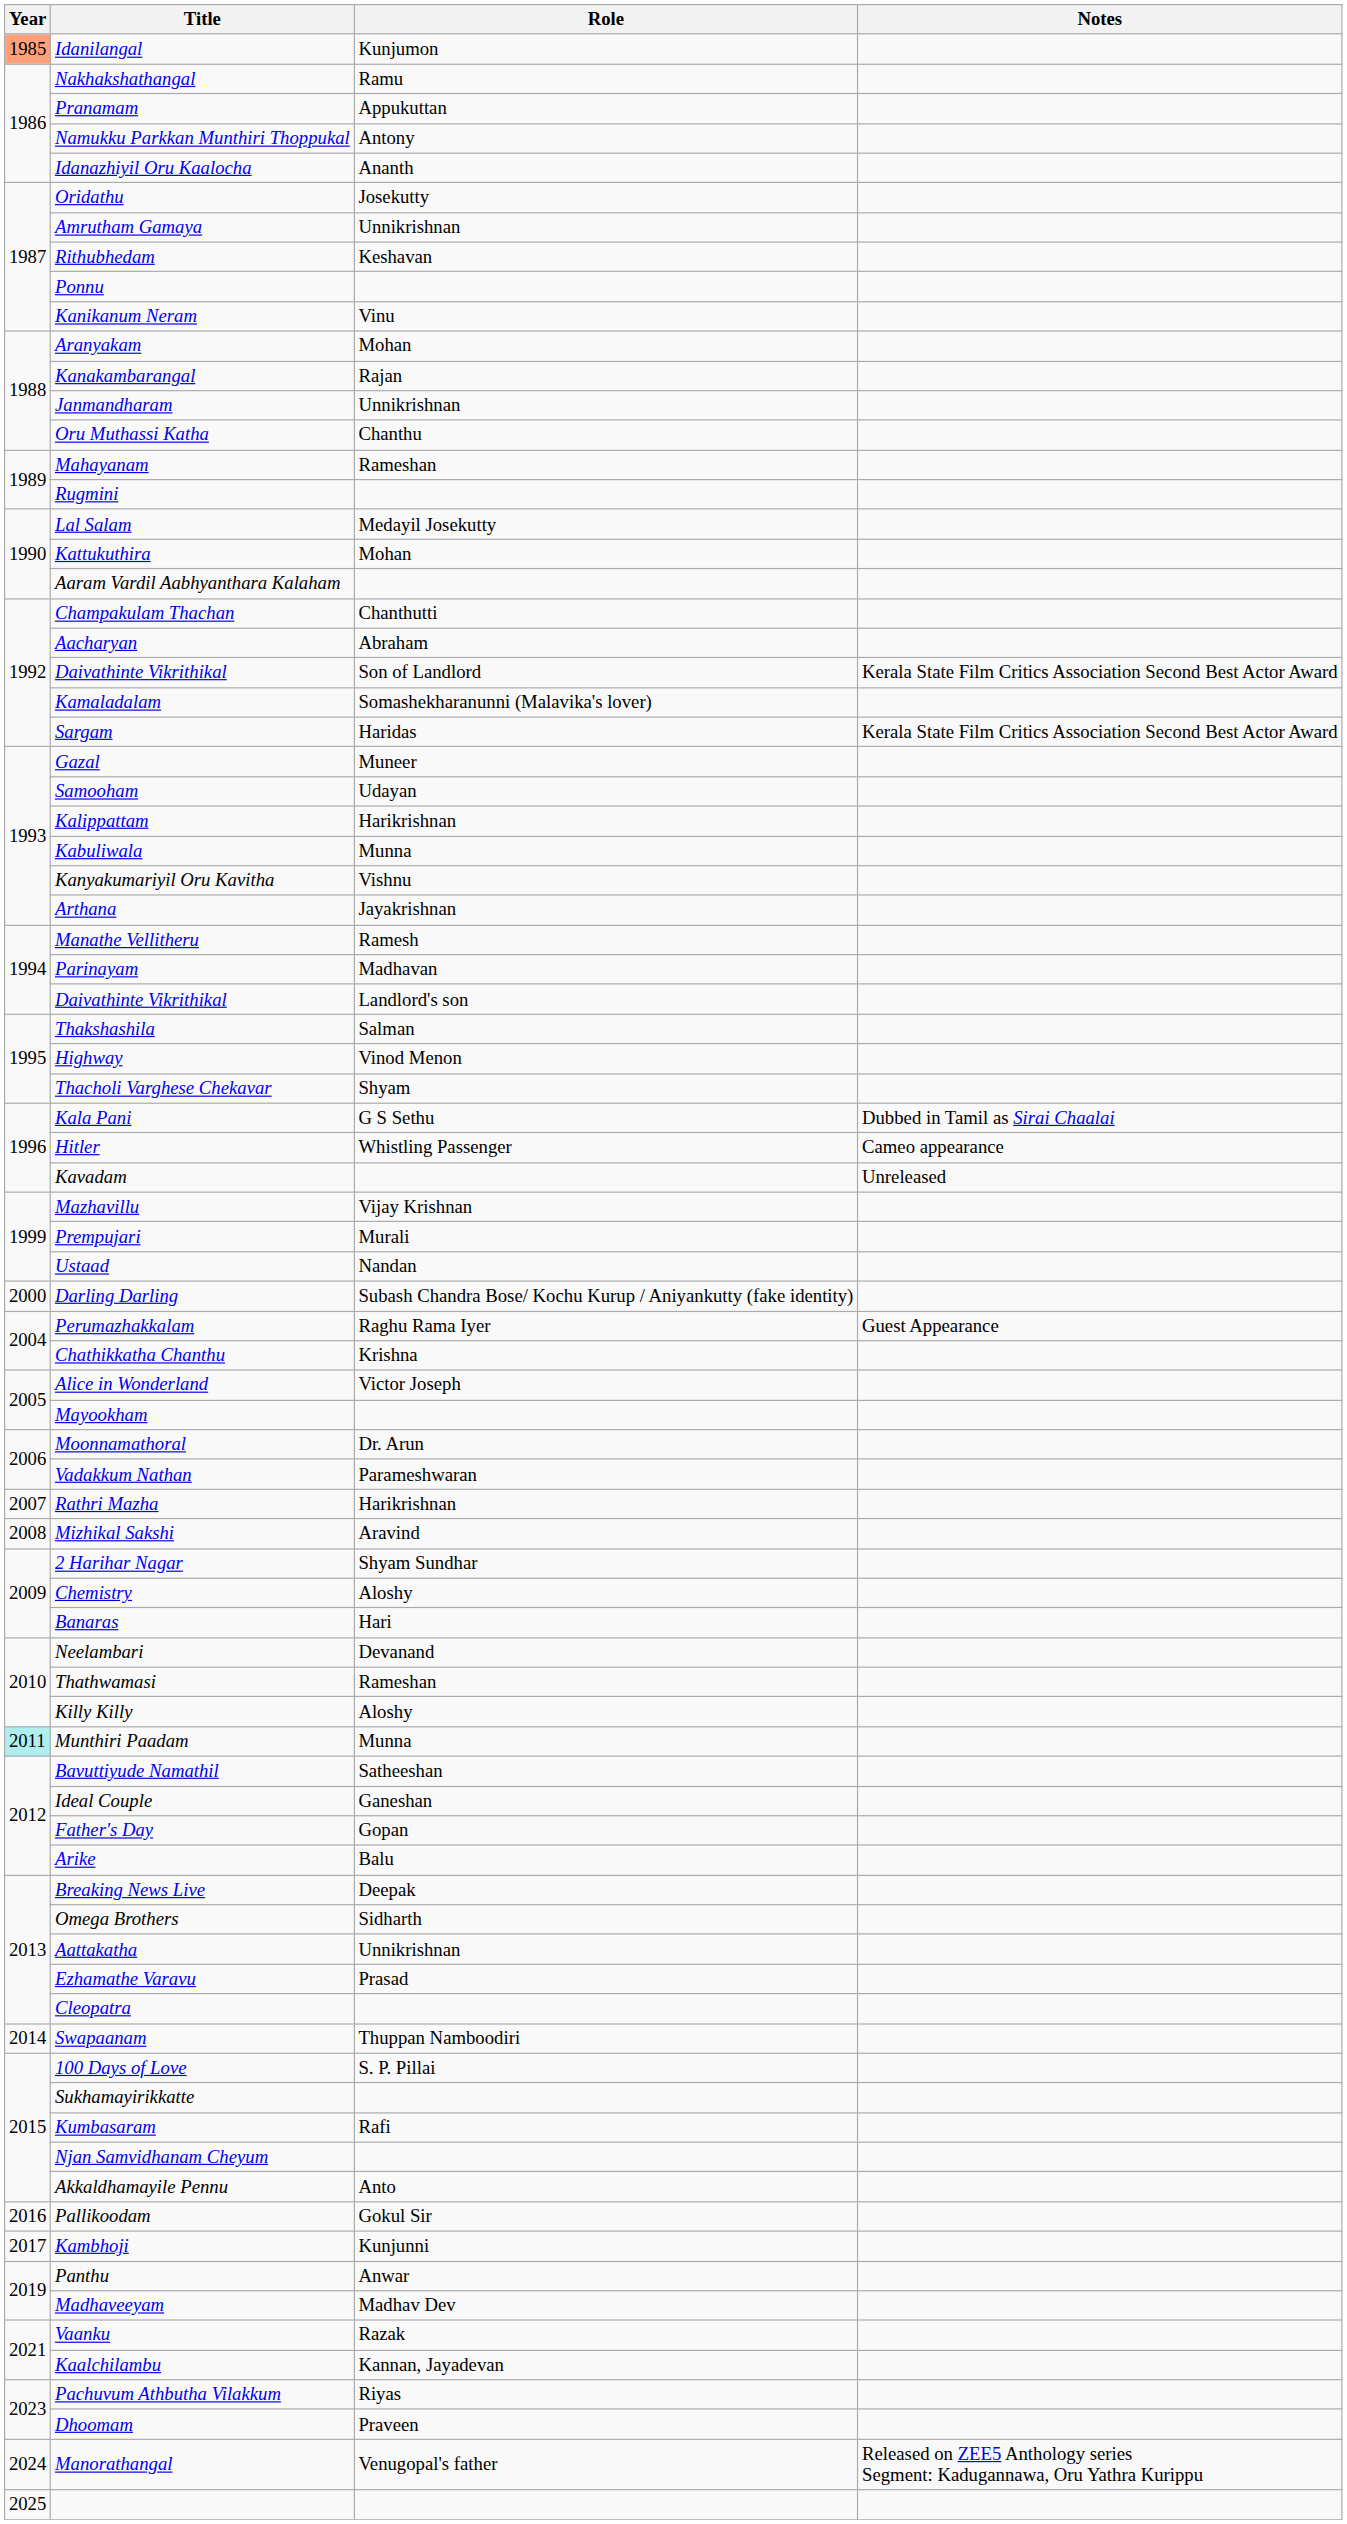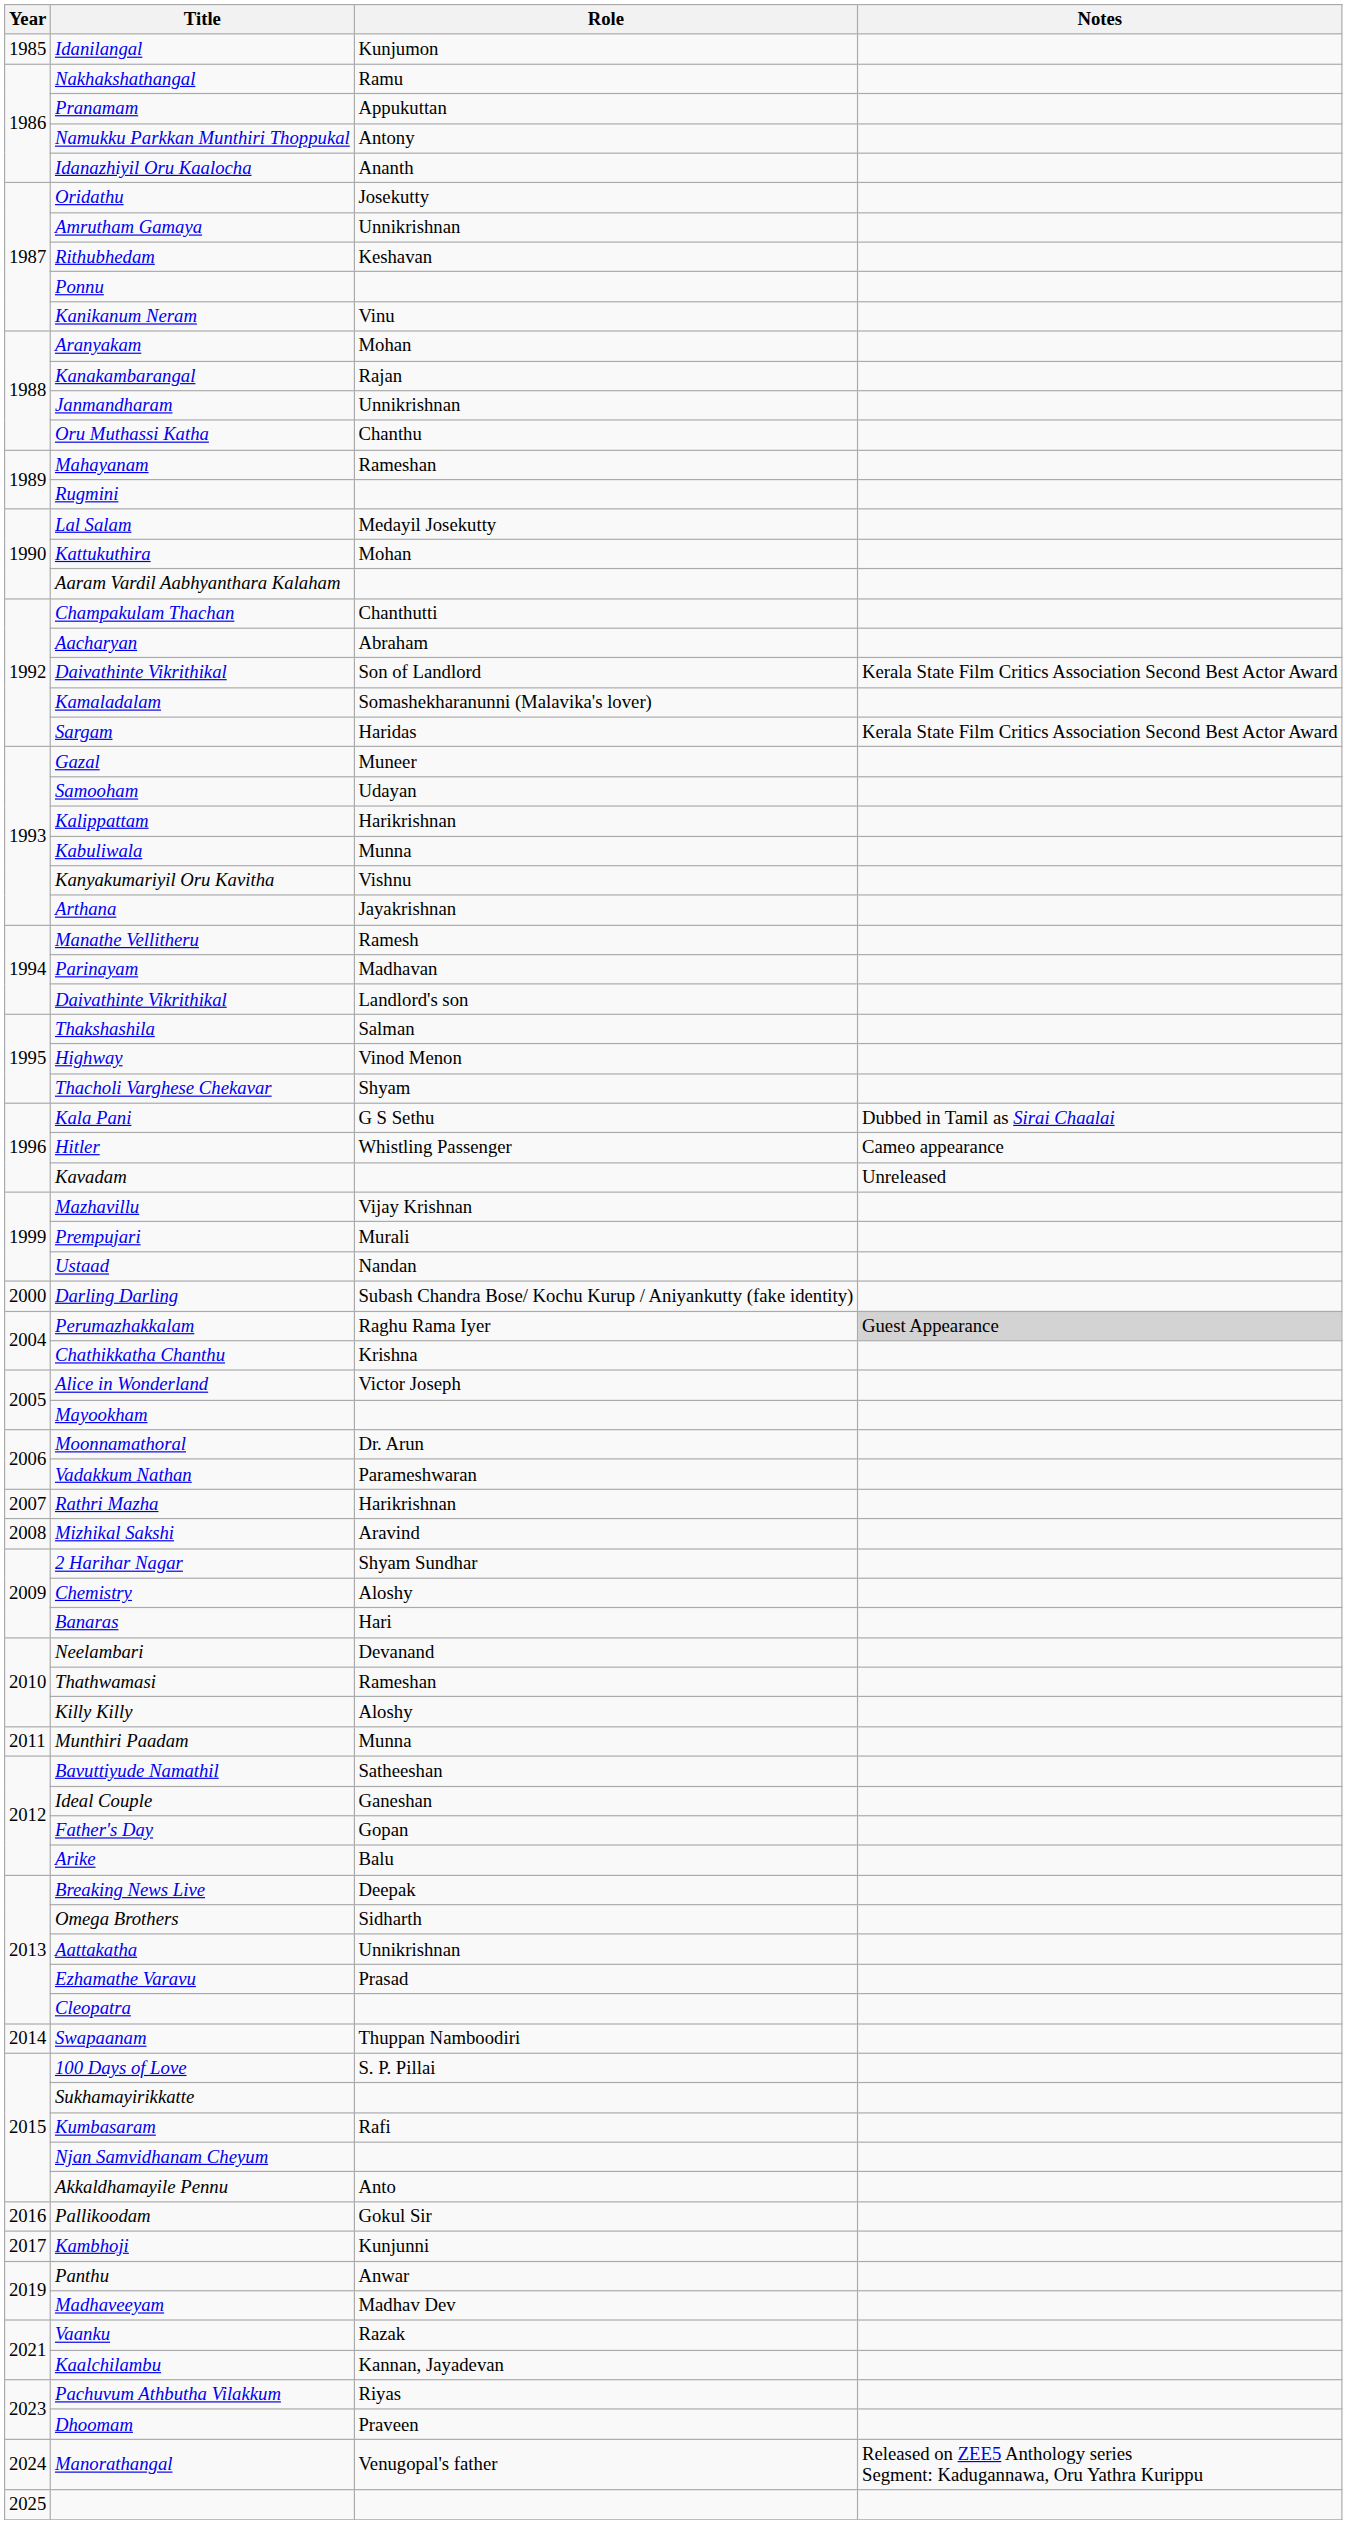 <table class="wikitable sortable">
 <tr>
 <th>Year</th>
 <th>Title</th>
 <th>Role</th>
 <th>Notes</th>
 </tr>
 <tr>
-<td style="background: lightsalmon;">1985</td>
+<td>1985</td>
 <td><em><a href='#'>Idanilangal</a></em></td>
 <td>Kunjumon</td>
 <td></td>
 </tr>
 <tr>
 <td rowspan="4">1986</td>
 <td><em><a href='#'>Nakhakshathangal</a></em></td>
 <td>Ramu</td>
 <td></td>
 </tr>
 <tr>
 <td><em><a href='#'>Pranamam</a></em></td>
 <td>Appukuttan</td>
 <td></td>
 </tr>
 <tr>
 <td><em><a href='#'>Namukku Parkkan Munthiri Thoppukal</a></em></td>
 <td>Antony</td>
 <td></td>
 </tr>
 <tr>
 <td><em><a href='#'>Idanazhiyil Oru Kaalocha</a></em></td>
 <td>Ananth</td>
 <td></td>
 </tr>
 <tr>
 <td rowspan="5">1987</td>
 <td><em><a href='#'>Oridathu</a></em></td>
 <td>Josekutty</td>
 <td></td>
 </tr>
 <tr>
 <td><em><a href='#'>Amrutham Gamaya</a></em></td>
 <td>Unnikrishnan</td>
 <td></td>
 </tr>
 <tr>
 <td><em><a href='#'>Rithubhedam</a></em></td>
 <td>Keshavan</td>
 <td></td>
 </tr>
 <tr>
 <td><em><a href='#'>Ponnu</a></em></td>
 <td></td>
 <td></td>
 </tr>
 <tr>
 <td><em><a href='#'>Kanikanum Neram</a></em></td>
 <td>Vinu</td>
 <td></td>
 </tr>
 <tr>
 <td rowspan="4">1988</td>
 <td><em><a href='#'>Aranyakam</a></em></td>
 <td>Mohan</td>
 <td></td>
 </tr>
 <tr>
 <td><em><a href='#'>Kanakambarangal</a></em></td>
 <td>Rajan</td>
 <td></td>
 </tr>
 <tr>
 <td><em><a href='#'>Janmandharam</a></em></td>
 <td>Unnikrishnan</td>
 <td></td>
 </tr>
 <tr>
 <td><em><a href='#'>Oru Muthassi Katha</a></em></td>
 <td>Chanthu</td>
 <td></td>
 </tr>
 <tr>
 <td rowspan="2">1989</td>
 <td><em><a href='#'>Mahayanam</a></em></td>
 <td>Rameshan</td>
 <td></td>
 </tr>
 <tr>
 <td><em><a href='#'>Rugmini</a></em></td>
 <td></td>
 <td></td>
 </tr>
 <tr>
 <td rowspan="3">1990</td>
 <td><em><a href='#'>Lal Salam</a></em></td>
 <td>Medayil Josekutty</td>
 <td></td>
 </tr>
 <tr>
 <td><em><a href='#'>Kattukuthira</a></em></td>
 <td>Mohan</td>
 <td></td>
 </tr>
 <tr>
 <td><em>Aaram Vardil Aabhyanthara Kalaham</em></td>
 <td></td>
 <td></td>
 </tr>
 <tr>
 <td rowspan="5">1992</td>
 <td><em><a href='#'>Champakulam Thachan</a></em></td>
 <td>Chanthutti</td>
 <td></td>
 </tr>
 <tr>
 <td><em><a href='#'>Aacharyan</a></em></td>
 <td>Abraham</td>
 <td></td>
 </tr>
 <tr>
 <td><em><a href='#'>Daivathinte Vikrithikal</a></em></td>
 <td>Son of Landlord</td>
 <td>Kerala State Film Critics Association Second Best Actor Award</td>
 </tr>
 <tr>
 <td><em><a href='#'>Kamaladalam</a></em></td>
 <td>Somashekharanunni (Malavika's lover)</td>
 <td></td>
 </tr>
 <tr>
 <td><em><a href='#'>Sargam</a></em></td>
 <td>Haridas</td>
 <td>Kerala State Film Critics Association Second Best Actor Award</td>
 </tr>
 <tr>
 <td rowspan="6">1993</td>
 <td><em><a href='#'>Gazal</a></em></td>
 <td>Muneer</td>
 <td></td>
 </tr>
 <tr>
 <td><em><a href='#'>Samooham</a></em></td>
 <td>Udayan</td>
 <td></td>
 </tr>
 <tr>
 <td><em><a href='#'>Kalippattam</a></em></td>
 <td>Harikrishnan</td>
 <td></td>
 </tr>
 <tr>
 <td><em><a href='#'>Kabuliwala</a></em></td>
 <td>Munna</td>
 <td></td>
 </tr>
 <tr>
 <td><em>Kanyakumariyil Oru Kavitha</em></td>
 <td>Vishnu</td>
 <td></td>
 </tr>
 <tr>
 <td><em><a href='#'>Arthana</a></em></td>
 <td>Jayakrishnan</td>
 <td></td>
 </tr>
 <tr>
 <td rowspan="3">1994</td>
 <td><em><a href='#'>Manathe Vellitheru</a></em></td>
 <td>Ramesh</td>
 <td></td>
 </tr>
 <tr>
 <td><em><a href='#'>Parinayam</a></em></td>
 <td>Madhavan</td>
 <td></td>
 </tr>
 <tr>
 <td><em><a href='#'>Daivathinte Vikrithikal</a> </em></td>
 <td>Landlord's son</td>
 <td></td>
 </tr>
 <tr>
 <td rowspan="3">1995</td>
 <td><em><a href='#'>Thakshashila</a></em></td>
 <td>Salman</td>
 <td></td>
 </tr>
 <tr>
 <td><em><a href='#'>Highway</a></em></td>
 <td>Vinod Menon</td>
 <td></td>
 </tr>
 <tr>
 <td><em><a href='#'>Thacholi Varghese Chekavar</a></em></td>
 <td>Shyam</td>
 <td></td>
 </tr>
 <tr>
 <td rowspan="3">1996</td>
 <td><em><a href='#'>Kala Pani</a></em></td>
 <td>G S Sethu</td>
 <td>Dubbed in Tamil as <em><a href='#'>Sirai Chaalai</a></em></td>
 </tr>
 <tr>
 <td><em><a href='#'>Hitler</a></em></td>
 <td>Whistling Passenger</td>
 <td>Cameo appearance</td>
 </tr>
 <tr>
 <td><em>Kavadam</em></td>
 <td></td>
 <td>Unreleased</td>
 </tr>
 <tr>
 <td rowspan="3">1999</td>
 <td><em><a href='#'>Mazhavillu</a></em></td>
 <td>Vijay Krishnan</td>
 <td></td>
 </tr>
 <tr>
 <td><em><a href='#'>Prempujari</a></em></td>
 <td>Murali</td>
 <td></td>
 </tr>
 <tr>
 <td><em><a href='#'>Ustaad</a></em></td>
 <td>Nandan</td>
 <td></td>
 </tr>
 <tr>
 <td>2000</td>
 <td><em><a href='#'>Darling Darling</a></em></td>
 <td>Subash Chandra Bose/ Kochu Kurup / Aniyankutty (fake identity)</td>
 <td></td>
 </tr>
 <tr>
 <td rowspan="2">2004</td>
 <td><em><a href='#'>Perumazhakkalam</a></em></td>
 <td>Raghu Rama Iyer</td>
-<td>Guest Appearance</td>
+<td style="background: lightgrey;">Guest Appearance</td>
 </tr>
 <tr>
 <td><em><a href='#'>Chathikkatha Chanthu</a></em></td>
 <td>Krishna</td>
 <td></td>
 </tr>
 <tr>
 <td rowspan="2">2005</td>
 <td><em><a href='#'>Alice in Wonderland</a></em></td>
 <td>Victor Joseph</td>
 <td></td>
 </tr>
 <tr>
 <td><em><a href='#'>Mayookham</a></em></td>
 <td></td>
 <td></td>
 </tr>
 <tr>
 <td rowspan="2">2006</td>
 <td><em><a href='#'>Moonnamathoral</a></em></td>
 <td>Dr. Arun</td>
 <td></td>
 </tr>
 <tr>
 <td><em><a href='#'>Vadakkum Nathan</a></em></td>
 <td>Parameshwaran</td>
 <td></td>
 </tr>
 <tr>
 <td>2007</td>
 <td><em><a href='#'>Rathri Mazha</a></em></td>
 <td>Harikrishnan</td>
 <td></td>
 </tr>
 <tr>
 <td>2008</td>
 <td><em><a href='#'>Mizhikal Sakshi</a></em></td>
 <td>Aravind</td>
 <td></td>
 </tr>
 <tr>
 <td rowspan="3">2009</td>
 <td><em><a href='#'>2 Harihar Nagar</a></em></td>
 <td>Shyam Sundhar</td>
 <td></td>
 </tr>
 <tr>
 <td><em><a href='#'>Chemistry</a></em></td>
 <td>Aloshy</td>
 <td></td>
 </tr>
 <tr>
 <td><em><a href='#'>Banaras</a></em></td>
 <td>Hari</td>
 <td></td>
 </tr>
 <tr>
 <td rowspan="3">2010</td>
 <td><em>Neelambari</em></td>
 <td>Devanand</td>
 <td></td>
 </tr>
 <tr>
 <td><em>Thathwamasi</em></td>
 <td>Rameshan</td>
 <td></td>
 </tr>
 <tr>
 <td><em>Killy Killy</em></td>
 <td>Aloshy</td>
 <td></td>
 </tr>
 <tr>
-<td style="background: paleturquoise;">2011</td>
+<td>2011</td>
 <td><em>Munthiri Paadam</em></td>
 <td>Munna</td>
 <td></td>
 </tr>
 <tr>
 <td rowspan="4">2012</td>
 <td><em><a href='#'>Bavuttiyude Namathil</a></em></td>
 <td>Satheeshan</td>
 <td></td>
 </tr>
 <tr>
 <td><em>Ideal Couple</em></td>
 <td>Ganeshan</td>
 <td></td>
 </tr>
 <tr>
 <td><em><a href='#'>Father's Day</a></em></td>
 <td>Gopan</td>
 <td></td>
 </tr>
 <tr>
 <td><em><a href='#'>Arike</a></em></td>
 <td>Balu</td>
 <td></td>
 </tr>
 <tr>
 <td rowspan="5">2013</td>
 <td><em><a href='#'>Breaking News Live</a></em></td>
 <td>Deepak</td>
 <td></td>
 </tr>
 <tr>
 <td><em>Omega Brothers</em></td>
 <td>Sidharth</td>
 <td></td>
 </tr>
 <tr>
 <td><em><a href='#'>Aattakatha</a></em></td>
 <td>Unnikrishnan</td>
 <td></td>
 </tr>
 <tr>
 <td><em><a href='#'>Ezhamathe Varavu</a></em></td>
 <td>Prasad</td>
 <td></td>
 </tr>
 <tr>
 <td><em><a href='#'>Cleopatra</a></em></td>
 <td></td>
 <td></td>
 </tr>
 <tr>
 <td>2014</td>
 <td><em><a href='#'>Swapaanam</a></em></td>
 <td>Thuppan Namboodiri</td>
 <td></td>
 </tr>
 <tr>
 <td rowspan="5">2015</td>
 <td><em><a href='#'>100 Days of Love</a></em></td>
 <td>S. P. Pillai</td>
 <td></td>
 </tr>
 <tr>
 <td><em>Sukhamayirikkatte</em></td>
 <td></td>
 <td></td>
 </tr>
 <tr>
 <td><em><a href='#'>Kumbasaram</a></em></td>
 <td>Rafi</td>
 <td></td>
 </tr>
 <tr>
 <td><em><a href='#'>Njan Samvidhanam Cheyum</a></em></td>
 <td></td>
 <td></td>
 </tr>
 <tr>
 <td><em>Akkaldhamayile Pennu</em></td>
 <td>Anto</td>
 <td></td>
 </tr>
 <tr>
 <td>2016</td>
 <td><em>Pallikoodam</em></td>
 <td>Gokul Sir</td>
 <td></td>
 </tr>
 <tr>
 <td>2017</td>
 <td><em><a href='#'>Kambhoji</a></em></td>
 <td>Kunjunni</td>
 <td></td>
 </tr>
 <tr>
 <td rowspan="2">2019</td>
 <td><em>Panthu</em></td>
 <td>Anwar</td>
 <td></td>
 </tr>
 <tr>
 <td><em><a href='#'>Madhaveeyam</a></em></td>
 <td>Madhav Dev</td>
 <td></td>
 </tr>
 <tr>
 <td rowspan="2">2021</td>
 <td><em><a href='#'>Vaanku</a></em></td>
 <td>Razak</td>
 <td></td>
 </tr>
 <tr>
 <td><em><a href='#'>Kaalchilambu</a></em></td>
 <td>Kannan, Jayadevan</td>
 <td></td>
 </tr>
 <tr>
 <td rowspan="2">2023</td>
 <td><em><a href='#'>Pachuvum Athbutha Vilakkum</a></em></td>
 <td>Riyas</td>
 <td></td>
 </tr>
 <tr>
 <td><em><a href='#'>Dhoomam</a></em></td>
 <td>Praveen</td>
 <td></td>
 </tr>
 <tr>
 <td>2024</td>
 <td><em><a href='#'>Manorathangal</a></em></td>
 <td>Venugopal's father</td>
 <td>Released on <a href='#'>ZEE5</a> Anthology series <br> Segment: Kadugannawa, Oru Yathra Kurippu </td>
 </tr>
 <tr>
 <td>2025</td>
 <td></td>
 <td></td>
 <td></td>
 </tr>
 <tr>
 </tr>
 </table>
